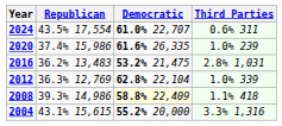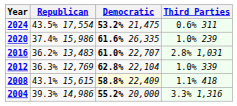 <table class="wikitable" style="float:right; font-size:95%;">
 <tr bgcolor=lightgrey>
 <th>Year</th>
 <th><a href='#'>Republican</a></th>
 <th><a href='#'>Democratic</a></th>
 <th><a href='#'>Third Parties</a></th>
 </tr>
 <tr>
 <td style="text-align:center; "><strong><a href='#'>2024</a></strong></td>
 <td style="text-align:center; ">43.5% <em>17,554</em></td>
-<td style="text-align:center; "><strong>61.0%</strong> <em>22,707</em></td>
+<td style="text-align:center; "><strong>53.2%</strong> <em>21,475</em></td>
 <td style="text-align:center; background:honeyDew;">0.6% <em>311</em></td>
 </tr>
 <tr>
 <td style="text-align:center; "><strong><a href='#'>2020</a></strong></td>
 <td style="text-align:center; ">37.4% <em>15,986</em></td>
 <td style="text-align:center; "><strong>61.6%</strong> <em>26,335</em></td>
 <td style="text-align:center; background:honeyDew;">1.0% <em>239</em></td>
 </tr>
 <tr>
 <td style="text-align:center; "><strong><a href='#'>2016</a></strong></td>
 <td style="text-align:center; ">36.2% <em>13,483</em></td>
-<td style="text-align:center; "><strong>53.2%</strong> <em>21,475</em></td>
+<td style="text-align:center; "><strong>61.0%</strong> <em>22,707</em></td>
 <td style="text-align:center; background:honeyDew;">2.8% <em>1,031</em></td>
 </tr>
 <tr>
 <td style="text-align:center; "><strong><a href='#'>2012</a></strong></td>
 <td style="text-align:center; ">36.3% <em>12,769</em></td>
 <td style="text-align:center; "><strong>62.8%</strong>  <em>22,104</em></td>
 <td style="text-align:center; background:honeyDew;">1.0% <em>339</em></td>
 </tr>
 <tr>
 <td style="text-align:center; "><strong><a href='#'>2008</a></strong></td>
-<td style="text-align:center; ">39.3% <em>14,986</em></td>
+<td style="text-align:center; ">43.1% <em>15,615</em></td>
 <td style="background: lightyellow; text-align:center; "><strong>58.8%</strong>  <em>22,409</em></td>
 <td style="text-align:center; background:honeyDew;">1.1% <em>418</em></td>
 </tr>
 <tr>
 <td style="text-align:center; "><strong><a href='#'>2004</a></strong></td>
-<td style="text-align:center; ">43.1% <em>15,615</em></td>
+<td style="text-align:center; ">39.3% <em>14,986</em></td>
 <td style="text-align:center; "><strong>55.2%</strong>   <em>20,000</em></td>
 <td style="text-align:center; background:honeyDew;">3.3% <em>1,316</em></td>
 </tr>
 </table>
